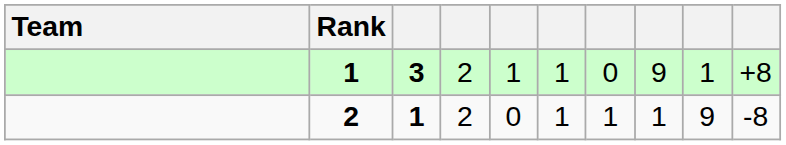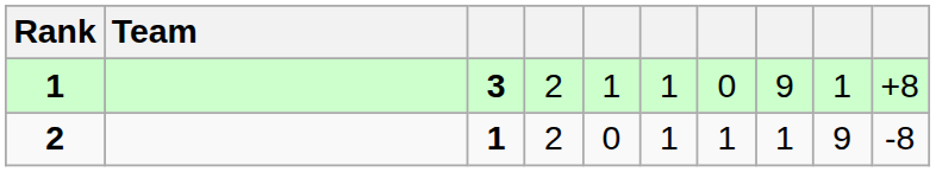 <table class="wikitable" style="text-align: center;">
 <tr>
+<th width=30>Rank</th>
 <th style="width:165px; text-align:left;">Team</th>
-<th width=30>Rank</th>
 <th width=20></th>
 <th width=20></th>
 <th width=20></th>
 <th width=20></th>
 <th width=20></th>
 <th width=20></th>
 <th width=20></th>
 <th width=20></th>
 </tr>
 <tr style="background:#cfc;">
+<td><strong>1</strong></td>
 <td style="text-align:left;"></td>
-<td><strong>1</strong></td>
 <td><strong>3</strong></td>
 <td>2</td>
 <td>1</td>
 <td>1</td>
 <td>0</td>
 <td>9</td>
 <td>1</td>
 <td>+8</td>
 </tr>
 <tr>
+<td><strong>2</strong></td>
 <td style="text-align:left;"></td>
-<td><strong>2</strong></td>
 <td><strong>1</strong></td>
 <td>2</td>
 <td>0</td>
 <td>1</td>
 <td>1</td>
 <td>1</td>
 <td>9</td>
 <td>-8</td>
 </tr>
 </table>
